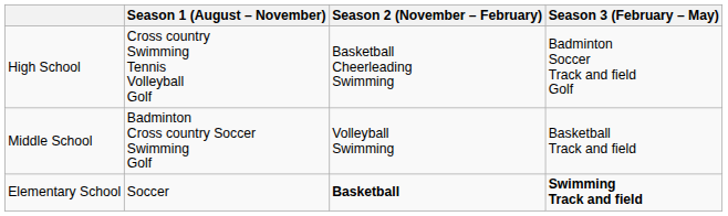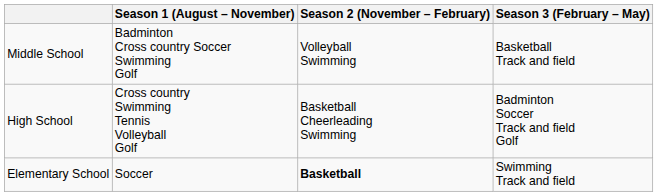 <table class="wikitable">
 <tr>
 <th></th>
 <th>Season 1 (August – November)</th>
 <th>Season 2 (November – February)</th>
 <th>Season 3 (February – May)</th>
 </tr>
 <tr>
+<td>Middle School</td>
+<td>Badminton<br>Cross country Soccer<br>Swimming<br>Golf</td>
+<td>Volleyball<br>Swimming</td>
+<td>Basketball<br>Track and field</td>
+</tr>
+<tr>
 <td>High School</td>
 <td>Cross country<br>Swimming<br>Tennis<br>Volleyball<br>Golf</td>
 <td>Basketball<br>Cheerleading<br>Swimming</td>
 <td>Badminton<br>Soccer<br>Track and field<br>Golf</td>
 </tr>
 <tr>
-<td>Middle School</td>
-<td>Badminton<br>Cross country Soccer<br>Swimming<br>Golf</td>
-<td>Volleyball<br>Swimming</td>
-<td>Basketball<br>Track and field</td>
-</tr>
-<tr>
 <td>Elementary School</td>
 <td>Soccer</td>
 <td><strong>Basketball</strong></td>
-<td><strong>Swimming<br>Track and field</strong></td>
+<td>Swimming<br>Track and field</td>
 </tr>
 </table>
